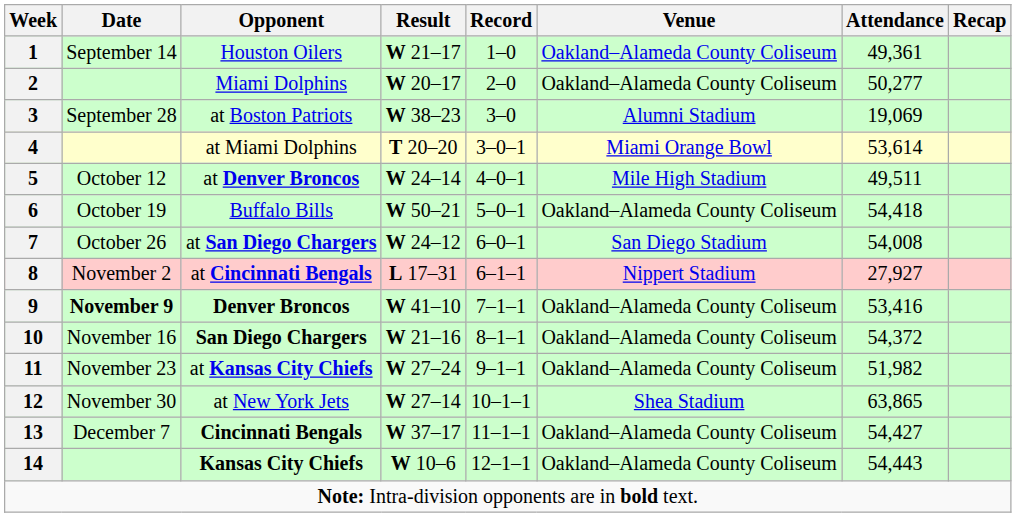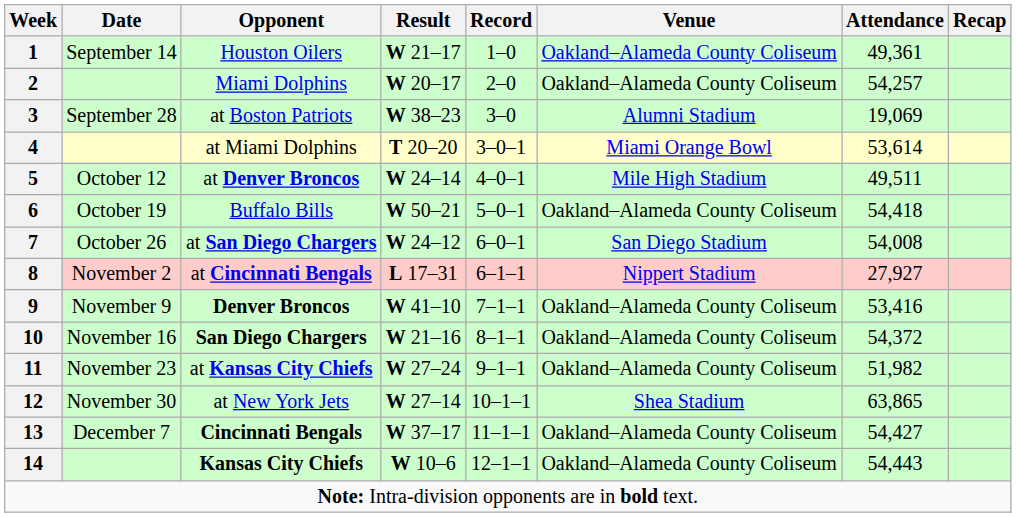 <table class="wikitable" style="text-align:center">
 <tr>
 <th>Week</th>
 <th>Date</th>
 <th>Opponent</th>
 <th>Result</th>
 <th>Record</th>
 <th>Venue</th>
 <th>Attendance</th>
 <th>Recap</th>
 </tr>
 <tr style="background: #cfc;">
 <th>1</th>
 <td>September 14</td>
 <td><a href='#'>Houston Oilers</a></td>
 <td><strong>W</strong> 21–17</td>
 <td>1–0</td>
 <td><a href='#'>Oakland–Alameda County Coliseum</a></td>
 <td>49,361</td>
 <td></td>
 </tr>
 <tr style="background: #cfc;">
 <th>2</th>
 <td></td>
 <td><a href='#'>Miami Dolphins</a></td>
 <td><strong>W</strong> 20–17</td>
 <td>2–0</td>
 <td>Oakland–Alameda County Coliseum</td>
-<td>50,277</td>
+<td>54,257</td>
 <td></td>
 </tr>
 <tr style="background: #cfc;">
 <th>3</th>
 <td>September 28</td>
 <td>at <a href='#'>Boston Patriots</a></td>
 <td><strong>W</strong> 38–23</td>
 <td>3–0</td>
 <td><a href='#'>Alumni Stadium</a></td>
 <td>19,069</td>
 <td></td>
 </tr>
 <tr style="background: #ffc;">
 <th>4</th>
 <td></td>
 <td>at Miami Dolphins</td>
 <td><strong>T</strong> 20–20</td>
 <td>3–0–1</td>
 <td><a href='#'>Miami Orange Bowl</a></td>
 <td>53,614</td>
 <td></td>
 </tr>
 <tr style="background: #cfc;">
 <th>5</th>
 <td>October 12</td>
 <td>at <strong><a href='#'>Denver Broncos</a></strong></td>
 <td><strong>W</strong> 24–14</td>
 <td>4–0–1</td>
 <td><a href='#'>Mile High Stadium</a></td>
 <td>49,511</td>
 <td></td>
 </tr>
 <tr style="background: #cfc;">
 <th>6</th>
 <td>October 19</td>
 <td><a href='#'>Buffalo Bills</a></td>
 <td><strong>W</strong> 50–21</td>
 <td>5–0–1</td>
 <td>Oakland–Alameda County Coliseum</td>
 <td>54,418</td>
 <td></td>
 </tr>
 <tr style="background: #cfc;">
 <th>7</th>
 <td>October 26</td>
 <td>at <strong><a href='#'>San Diego Chargers</a></strong></td>
 <td><strong>W</strong> 24–12</td>
 <td>6–0–1</td>
 <td><a href='#'>San Diego Stadium</a></td>
 <td>54,008</td>
 <td></td>
 </tr>
 <tr style="background: #fcc;">
 <th>8</th>
 <td>November 2</td>
 <td>at <strong><a href='#'>Cincinnati Bengals</a></strong></td>
 <td><strong>L</strong> 17–31</td>
 <td>6–1–1</td>
 <td><a href='#'>Nippert Stadium</a></td>
 <td>27,927</td>
 <td></td>
 </tr>
 <tr style="background: #cfc;">
 <th>9</th>
-<td><strong>November 9</strong></td>
+<td>November 9</td>
 <td><strong>Denver Broncos</strong></td>
 <td><strong>W</strong> 41–10</td>
 <td>7–1–1</td>
 <td>Oakland–Alameda County Coliseum</td>
 <td>53,416</td>
 <td></td>
 </tr>
 <tr style="background: #cfc;">
 <th>10</th>
 <td>November 16</td>
 <td><strong>San Diego Chargers</strong></td>
 <td><strong>W</strong> 21–16</td>
 <td>8–1–1</td>
 <td>Oakland–Alameda County Coliseum</td>
 <td>54,372</td>
 <td></td>
 </tr>
 <tr style="background: #cfc;">
 <th>11</th>
 <td>November 23</td>
 <td>at <strong><a href='#'>Kansas City Chiefs</a></strong></td>
 <td><strong>W</strong> 27–24</td>
 <td>9–1–1</td>
 <td>Oakland–Alameda County Coliseum</td>
 <td>51,982</td>
 <td></td>
 </tr>
 <tr style="background: #cfc;">
 <th>12</th>
 <td>November 30</td>
 <td>at <a href='#'>New York Jets</a></td>
 <td><strong>W</strong> 27–14</td>
 <td>10–1–1</td>
 <td><a href='#'>Shea Stadium</a></td>
 <td>63,865</td>
 <td></td>
 </tr>
 <tr style="background: #cfc;">
 <th>13</th>
 <td>December 7</td>
 <td><strong>Cincinnati Bengals</strong></td>
 <td><strong>W</strong> 37–17</td>
 <td>11–1–1</td>
 <td>Oakland–Alameda County Coliseum</td>
 <td>54,427</td>
 <td></td>
 </tr>
 <tr style="background: #cfc;">
 <th>14</th>
 <td></td>
 <td><strong>Kansas City Chiefs</strong></td>
 <td><strong>W</strong> 10–6</td>
 <td>12–1–1</td>
 <td>Oakland–Alameda County Coliseum</td>
 <td>54,443</td>
 <td></td>
 </tr>
 <tr>
 <td colspan="8"><strong>Note:</strong> Intra-division opponents are in <strong>bold</strong> text.</td>
 </tr>
 </table>
